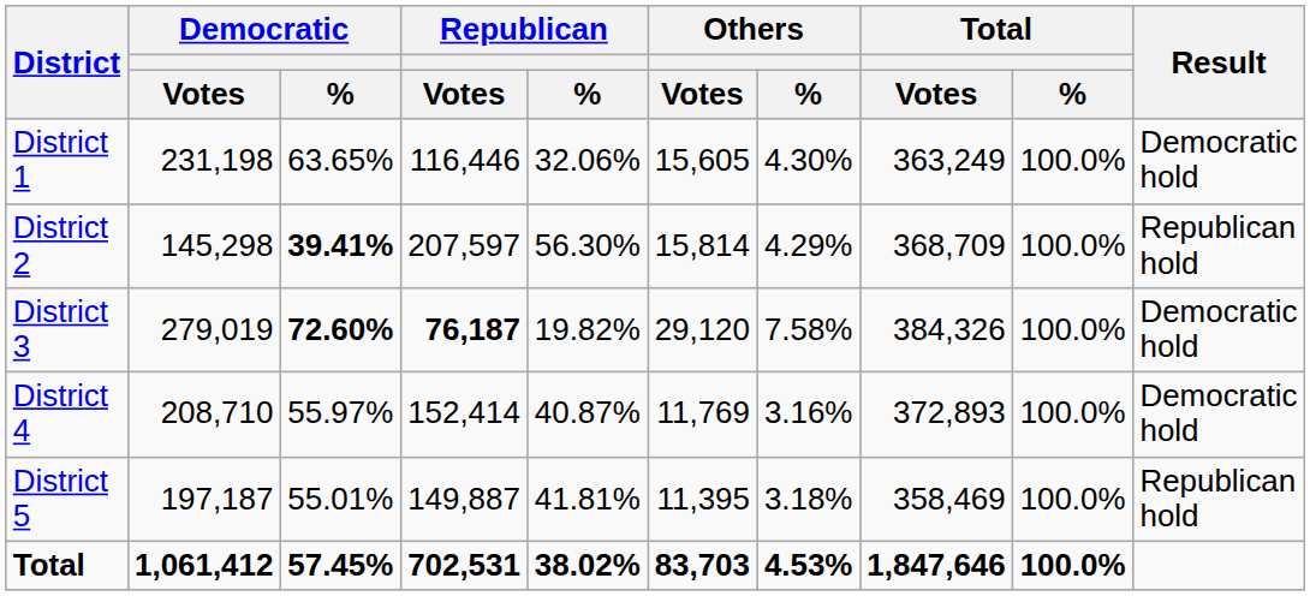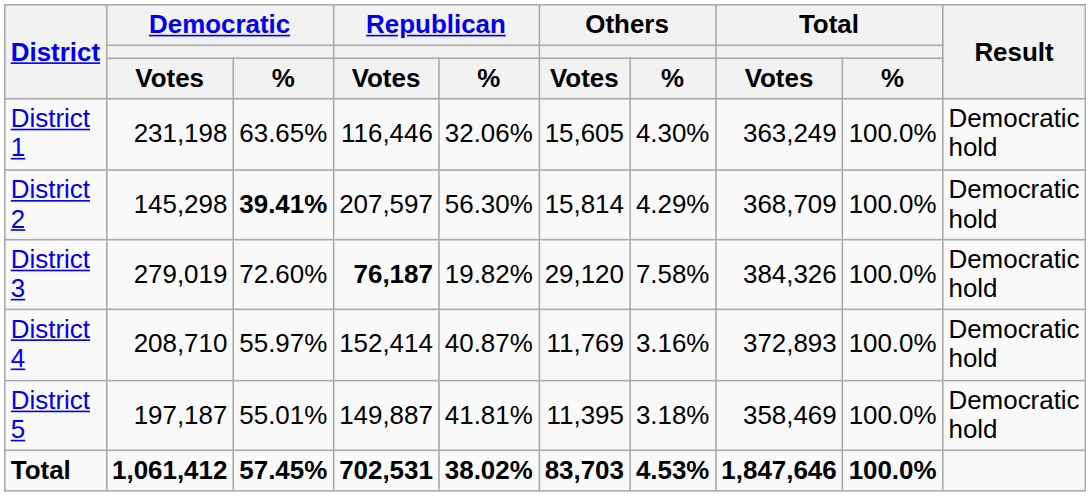 <table class="wikitable plainrowheaders sortable" style="font-size:100%; text-align:right;">
 <tr>
 <th scope=col rowspan=3><a href='#'>District</a></th>
 <th scope=col colspan=2><a href='#'>Democratic</a></th>
 <th scope=col colspan=2><a href='#'>Republican</a></th>
 <th scope=col colspan=2>Others</th>
 <th scope=col colspan=2>Total</th>
 <th scope=col rowspan=3>Result</th>
 </tr>
 <tr>
 <th scope=col colspan=2 style="background:"></th>
 <th scope=col colspan=2 style="background:"></th>
 <th scope=col colspan=2></th>
 <th scope=col colspan=2></th>
 </tr>
 <tr>
 <th scope=col data-sort-type="number">Votes</th>
 <th scope=col data-sort-type="number">%</th>
 <th scope=col data-sort-type="number">Votes</th>
 <th scope=col data-sort-type="number">%</th>
 <th scope=col data-sort-type="number">Votes</th>
 <th scope=col data-sort-type="number">%</th>
 <th scope=col data-sort-type="number">Votes</th>
 <th scope=col data-sort-type="number">%</th>
 </tr>
 <tr>
 <td align=left><a href='#'>District 1</a></td>
 <td>231,198</td>
 <td>63.65%</td>
 <td>116,446</td>
 <td>32.06%</td>
 <td>15,605</td>
 <td>4.30%</td>
 <td>363,249</td>
 <td>100.0%</td>
 <td align=left>Democratic hold</td>
 </tr>
 <tr>
 <td align=left><a href='#'>District 2</a></td>
 <td>145,298</td>
 <td><strong>39.41%</strong></td>
 <td>207,597</td>
 <td>56.30%</td>
 <td>15,814</td>
 <td>4.29%</td>
 <td>368,709</td>
 <td>100.0%</td>
-<td align=left>Republican hold</td>
+<td align=left>Democratic hold</td>
 </tr>
 <tr>
 <td align=left><a href='#'>District 3</a></td>
 <td>279,019</td>
-<td><strong>72.60%</strong></td>
+<td>72.60%</td>
 <td><strong>76,187</strong></td>
 <td>19.82%</td>
 <td>29,120</td>
 <td>7.58%</td>
 <td>384,326</td>
 <td>100.0%</td>
 <td align=left>Democratic hold</td>
 </tr>
 <tr>
 <td align=left><a href='#'>District 4</a></td>
 <td>208,710</td>
 <td>55.97%</td>
 <td>152,414</td>
 <td>40.87%</td>
 <td>11,769</td>
 <td>3.16%</td>
 <td>372,893</td>
 <td>100.0%</td>
 <td align=left>Democratic hold</td>
 </tr>
 <tr>
 <td align=left><a href='#'>District 5</a></td>
 <td>197,187</td>
 <td>55.01%</td>
 <td>149,887</td>
 <td>41.81%</td>
 <td>11,395</td>
 <td>3.18%</td>
 <td>358,469</td>
 <td>100.0%</td>
-<td align=left>Republican hold</td>
+<td align=left>Democratic hold</td>
 </tr>
 <tr class="sortbottom" style="font-weight:bold">
 <td align=left>Total</td>
 <td>1,061,412</td>
 <td>57.45%</td>
 <td>702,531</td>
 <td>38.02%</td>
 <td>83,703</td>
 <td>4.53%</td>
 <td>1,847,646</td>
 <td>100.0%</td>
 <td></td>
 </tr>
 </table>
